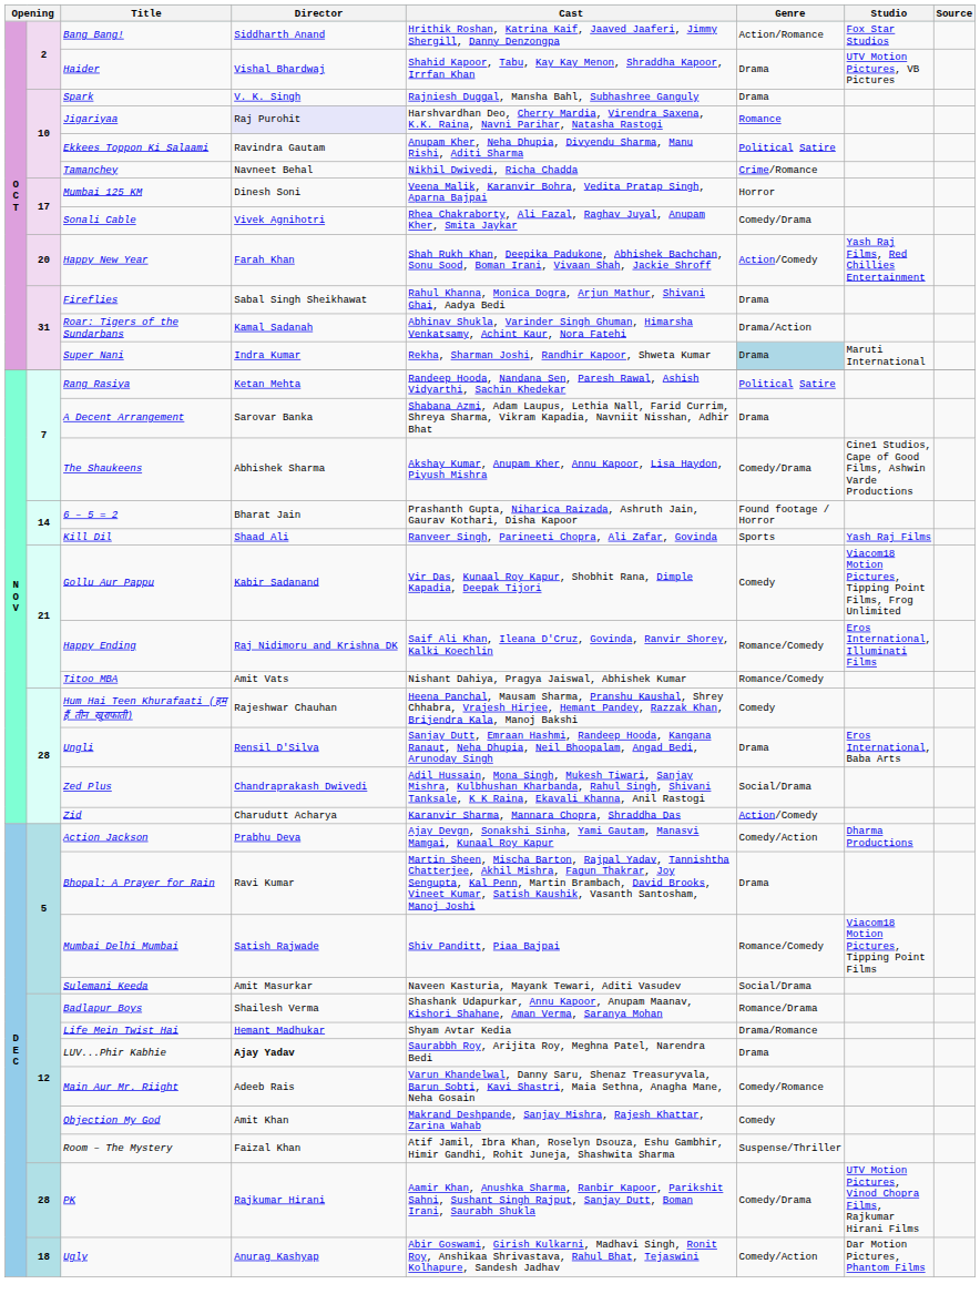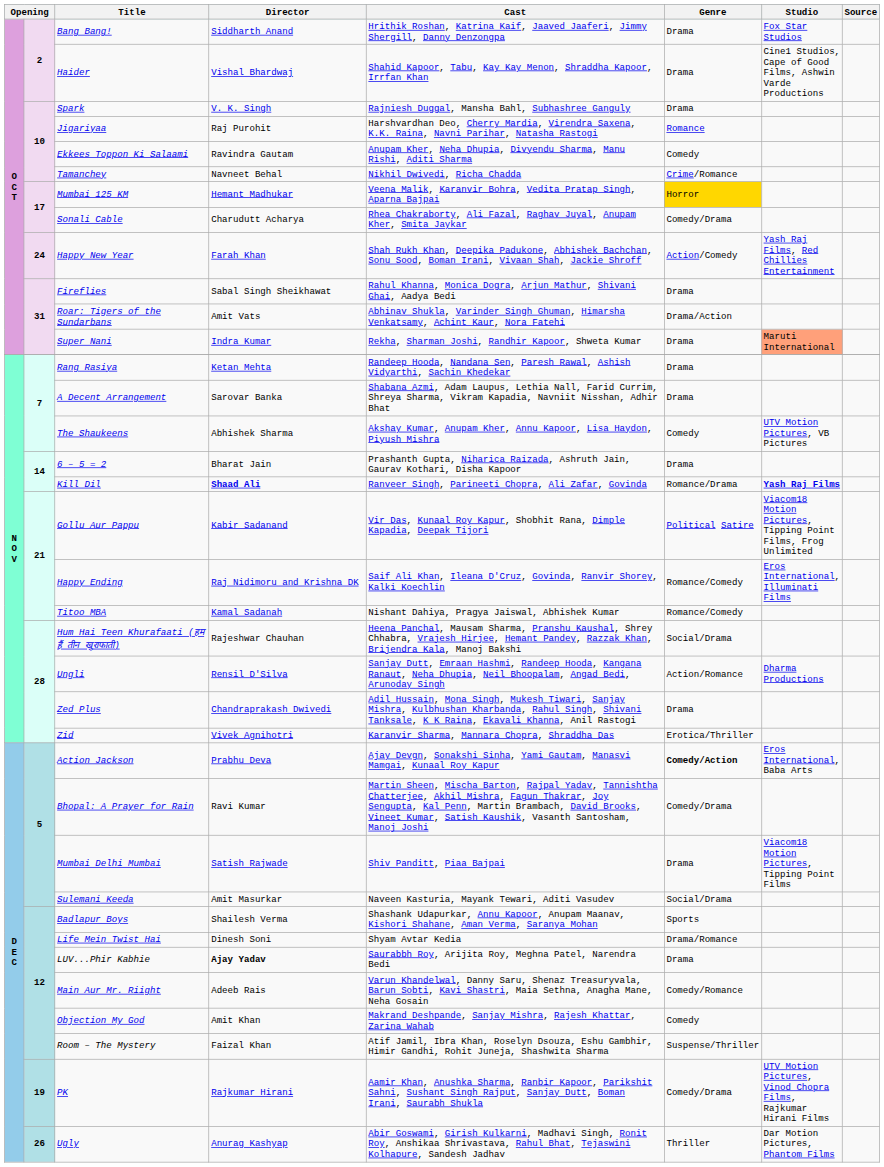 <table class="wikitable">
 <tr style="background:#b0e0e6; text-align:center;">
 <th colspan="2" style="width:6%;"><strong>Opening</strong></th>
 <th style="width:20%;"><strong>Title</strong></th>
 <th style="width:20%;"><strong>Director</strong></th>
 <th style="width:40%;"><strong>Cast</strong></th>
 <th style="width:10.5%;"><strong>Genre</strong></th>
 <th>Studio</th>
 <th>Source</th>
 </tr>
 <tr October>
 <td rowspan="12" style="text-align:center; background:plum; textcolor:#000;"><strong>O<br>C<br>T</strong></td>
 <td rowspan="2" style="text-align:center;background:#f1daf1;"><strong>2</strong></td>
 <td><em><a href='#'>Bang Bang!</a></em></td>
 <td><a href='#'>Siddharth Anand</a></td>
 <td><a href='#'>Hrithik Roshan</a>, <a href='#'>Katrina Kaif</a>, <a href='#'>Jaaved Jaaferi</a>, <a href='#'>Jimmy Shergill</a>, <a href='#'>Danny Denzongpa</a></td>
-<td>Action/Romance</td>
+<td>Drama</td>
 <td><a href='#'>Fox Star Studios</a></td>
 <td></td>
 </tr>
 <tr>
 <td><em><a href='#'>Haider</a></em></td>
 <td><a href='#'>Vishal Bhardwaj</a></td>
 <td><a href='#'>Shahid Kapoor</a>, <a href='#'>Tabu</a>, <a href='#'>Kay Kay Menon</a>, <a href='#'>Shraddha Kapoor</a>, <a href='#'>Irrfan Khan</a></td>
 <td>Drama</td>
-<td><a href='#'>UTV Motion Pictures</a>, VB Pictures</td>
+<td>Cine1 Studios, Cape of Good Films, Ashwin Varde Productions</td>
 <td></td>
 </tr>
 <tr>
 <td rowspan="4" style="text-align:center;background:#f1daf1;"><strong>10</strong></td>
 <td><em><a href='#'>Spark</a></em></td>
 <td><a href='#'>V. K. Singh</a></td>
 <td><a href='#'>Rajniesh Duggal</a>, Mansha Bahl, <a href='#'>Subhashree Ganguly</a></td>
 <td>Drama</td>
 <td></td>
 <td></td>
 </tr>
 <tr>
 <td><em><a href='#'>Jigariyaa</a></em></td>
-<td style="background: lavender;">Raj Purohit</td>
+<td>Raj Purohit</td>
 <td>Harshvardhan Deo, <a href='#'>Cherry Mardia</a>, <a href='#'>Virendra Saxena</a>, <a href='#'>K.K. Raina</a>, <a href='#'>Navni Parihar</a>, <a href='#'>Natasha Rastogi</a></td>
 <td><a href='#'>Romance</a></td>
 <td></td>
 <td></td>
 </tr>
 <tr>
 <td><em><a href='#'>Ekkees Toppon Ki Salaami</a></em></td>
 <td>Ravindra Gautam</td>
 <td><a href='#'>Anupam Kher</a>, <a href='#'>Neha Dhupia</a>, <a href='#'>Divyendu Sharma</a>, <a href='#'>Manu Rishi</a>, <a href='#'>Aditi Sharma</a></td>
-<td><a href='#'>Political</a> <a href='#'>Satire</a></td>
+<td>Comedy</td>
 <td></td>
 <td></td>
 </tr>
 <tr>
 <td><em><a href='#'>Tamanchey</a></em></td>
 <td>Navneet Behal</td>
 <td><a href='#'>Nikhil Dwivedi</a>, <a href='#'>Richa Chadda</a></td>
 <td><a href='#'>Crime</a>/Romance</td>
 <td></td>
 <td></td>
 </tr>
 <tr>
 <td rowspan="2" style="text-align:center;background:#f1daf1;"><strong>17</strong></td>
 <td><em><a href='#'>Mumbai 125 KM</a></em></td>
-<td>Dinesh Soni</td>
+<td><a href='#'>Hemant Madhukar</a></td>
 <td><a href='#'>Veena Malik</a>, <a href='#'>Karanvir Bohra</a>, <a href='#'>Vedita Pratap Singh</a>, <a href='#'>Aparna Bajpai</a></td>
-<td>Horror</td>
+<td style="background: gold;">Horror</td>
 <td></td>
 <td></td>
 </tr>
 <tr>
 <td><em><a href='#'>Sonali Cable</a></em></td>
-<td><a href='#'>Vivek Agnihotri</a></td>
+<td>Charudutt Acharya</td>
 <td><a href='#'>Rhea Chakraborty</a>, <a href='#'>Ali Fazal</a>, <a href='#'>Raghav Juyal</a>, <a href='#'>Anupam Kher</a>, <a href='#'>Smita Jaykar</a></td>
 <td>Comedy/Drama</td>
 <td></td>
 <td></td>
 </tr>
 <tr>
-<td rowspan="1" style="text-align:center;background:#f1daf1;"><strong>20</strong></td>
+<td rowspan="1" style="text-align:center;background:#f1daf1;"><strong>24</strong></td>
 <td><em><a href='#'>Happy New Year</a></em></td>
 <td><a href='#'>Farah Khan</a></td>
 <td><a href='#'>Shah Rukh Khan</a>, <a href='#'>Deepika Padukone</a>, <a href='#'>Abhishek Bachchan</a>, <a href='#'>Sonu Sood</a>, <a href='#'>Boman Irani</a>, <a href='#'>Vivaan Shah</a>, <a href='#'>Jackie Shroff</a></td>
 <td><a href='#'>Action</a>/Comedy</td>
 <td><a href='#'>Yash Raj Films</a>, <a href='#'>Red Chillies Entertainment</a></td>
 <td></td>
 </tr>
 <tr>
 <td rowspan="3" style="text-align:center;background:#f1daf1;"><strong>31</strong></td>
 <td><em><a href='#'>Fireflies</a></em></td>
 <td>Sabal Singh Sheikhawat</td>
 <td><a href='#'>Rahul Khanna</a>, <a href='#'>Monica Dogra</a>, <a href='#'>Arjun Mathur</a>, <a href='#'>Shivani Ghai</a>, Aadya Bedi</td>
 <td>Drama</td>
 <td></td>
 <td></td>
 </tr>
 <tr>
 <td><em><a href='#'>Roar: Tigers of the Sundarbans</a></em></td>
-<td><a href='#'>Kamal Sadanah</a></td>
+<td>Amit Vats</td>
 <td><a href='#'>Abhinav Shukla</a>, <a href='#'>Varinder Singh Ghuman</a>, <a href='#'>Himarsha Venkatsamy</a>, <a href='#'>Achint Kaur</a>, <a href='#'>Nora Fatehi</a></td>
 <td>Drama/Action</td>
 <td></td>
 <td></td>
 </tr>
 <tr>
 <td><em><a href='#'>Super Nani</a></em></td>
 <td><a href='#'>Indra Kumar</a></td>
 <td><a href='#'>Rekha</a>, <a href='#'>Sharman Joshi</a>, <a href='#'>Randhir Kapoor</a>, Shweta Kumar</td>
-<td style="background: lightblue;">Drama</td>
-<td>Maruti International</td>
+<td>Drama</td>
+<td style="background: lightsalmon;">Maruti International</td>
 <td></td>
 </tr>
 <tr>
 </tr>
 <tr November>
 <td rowspan="12" style="text-align:center; background:#7FFFD4; textcolor:#000;"><strong>N<br>O<br>V</strong></td>
 <td rowspan="3" style="text-align:center;background:#DBFFF8;"><strong>7</strong></td>
 <td><em><a href='#'>Rang Rasiya</a></em></td>
 <td><a href='#'>Ketan Mehta</a></td>
 <td><a href='#'>Randeep Hooda</a>, <a href='#'>Nandana Sen</a>, <a href='#'>Paresh Rawal</a>, <a href='#'>Ashish Vidyarthi</a>, <a href='#'>Sachin Khedekar</a></td>
-<td><a href='#'>Political</a> <a href='#'>Satire</a></td>
+<td>Drama</td>
 <td></td>
 <td></td>
 </tr>
 <tr>
 <td><em><a href='#'>A Decent Arrangement</a></em></td>
 <td>Sarovar Banka</td>
 <td><a href='#'>Shabana Azmi</a>, Adam Laupus, Lethia Nall, Farid Currim, Shreya Sharma, Vikram Kapadia, Navniit Nisshan, Adhir Bhat</td>
 <td>Drama</td>
 <td></td>
 <td></td>
 </tr>
 <tr>
 <td><em><a href='#'>The Shaukeens</a></em></td>
 <td>Abhishek Sharma</td>
 <td><a href='#'>Akshay Kumar</a>, <a href='#'>Anupam Kher</a>, <a href='#'>Annu Kapoor</a>, <a href='#'>Lisa Haydon</a>, <a href='#'>Piyush Mishra</a></td>
-<td>Comedy/Drama</td>
-<td>Cine1 Studios, Cape of Good Films, Ashwin Varde Productions</td>
+<td>Comedy</td>
+<td><a href='#'>UTV Motion Pictures</a>, VB Pictures</td>
 <td></td>
 </tr>
 <tr>
 <td rowspan="2" style="text-align:center;background:#DBFFF8;"><strong>14</strong></td>
 <td><em><a href='#'>6 – 5 = 2</a></em></td>
 <td>Bharat Jain</td>
 <td>Prashanth Gupta, <a href='#'>Niharica Raizada</a>, Ashruth Jain, Gaurav Kothari, Disha Kapoor</td>
-<td>Found footage / Horror</td>
+<td>Drama</td>
 <td></td>
 <td></td>
 </tr>
 <tr>
 <td><em><a href='#'>Kill Dil</a></em></td>
-<td><a href='#'>Shaad Ali</a></td>
+<td><strong><a href='#'>Shaad Ali</a></strong></td>
 <td><a href='#'>Ranveer Singh</a>, <a href='#'>Parineeti Chopra</a>, <a href='#'>Ali Zafar</a>, <a href='#'>Govinda</a></td>
-<td>Sports</td>
-<td><a href='#'>Yash Raj Films</a></td>
+<td>Romance/Drama</td>
+<td><strong><a href='#'>Yash Raj Films</a></strong></td>
 <td></td>
 </tr>
 <tr>
 <td rowspan="3" style="text-align:center;background:#DBFFF8;"><strong>21</strong></td>
 <td><em><a href='#'>Gollu Aur Pappu</a></em></td>
 <td><a href='#'>Kabir Sadanand</a></td>
 <td><a href='#'>Vir Das</a>, <a href='#'>Kunaal Roy Kapur</a>, Shobhit Rana, <a href='#'>Dimple Kapadia</a>, <a href='#'>Deepak Tijori</a></td>
-<td>Comedy</td>
+<td><a href='#'>Political</a> <a href='#'>Satire</a></td>
 <td><a href='#'>Viacom18 Motion Pictures</a>, Tipping Point Films, Frog Unlimited</td>
 <td></td>
 </tr>
 <tr>
 <td><em><a href='#'>Happy Ending</a></em></td>
 <td><a href='#'>Raj Nidimoru and Krishna DK</a></td>
 <td><a href='#'>Saif Ali Khan</a>, <a href='#'>Ileana D'Cruz</a>, <a href='#'>Govinda</a>, <a href='#'>Ranvir Shorey</a>, <a href='#'>Kalki Koechlin</a></td>
 <td>Romance/Comedy</td>
 <td><a href='#'>Eros International</a>, <a href='#'>Illuminati Films</a></td>
 <td></td>
 </tr>
 <tr>
 <td><em><a href='#'>Titoo MBA</a></em></td>
-<td>Amit Vats</td>
+<td><a href='#'>Kamal Sadanah</a></td>
 <td>Nishant Dahiya, Pragya Jaiswal, Abhishek Kumar</td>
 <td>Romance/Comedy</td>
 <td></td>
 <td></td>
 </tr>
 <tr>
 <td rowspan="4" style="text-align:center;background:#DBFFF8;"><strong>28</strong></td>
 <td><em><a href='#'>Hum Hai Teen Khurafaati (हम हैं तीन खुराफाती)</a></em></td>
 <td>Rajeshwar Chauhan</td>
 <td><a href='#'>Heena Panchal</a>, Mausam Sharma, <a href='#'>Pranshu Kaushal</a>,  Shrey Chhabra, <a href='#'>Vrajesh Hirjee</a>, <a href='#'>Hemant Pandey</a>, <a href='#'>Razzak Khan</a>, <a href='#'>Brijendra Kala</a>, Manoj Bakshi</td>
-<td>Comedy</td>
+<td>Social/Drama</td>
 <td></td>
 <td></td>
 </tr>
 <tr>
 <td><em><a href='#'>Ungli</a></em></td>
 <td><a href='#'>Rensil D'Silva</a></td>
 <td><a href='#'>Sanjay Dutt</a>, <a href='#'>Emraan Hashmi</a>, <a href='#'>Randeep Hooda</a>, <a href='#'>Kangana Ranaut</a>, <a href='#'>Neha Dhupia</a>, <a href='#'>Neil Bhoopalam</a>, <a href='#'>Angad Bedi</a>, <a href='#'>Arunoday Singh</a></td>
-<td>Drama</td>
-<td><a href='#'>Eros International</a>, Baba Arts</td>
+<td>Action/Romance</td>
+<td><a href='#'>Dharma Productions</a></td>
 <td></td>
 </tr>
 <tr>
 <td><em><a href='#'>Zed Plus</a></em></td>
 <td><a href='#'>Chandraprakash Dwivedi</a></td>
 <td><a href='#'>Adil Hussain</a>, <a href='#'>Mona Singh</a>, <a href='#'>Mukesh Tiwari</a>, <a href='#'>Sanjay Mishra</a>, <a href='#'>Kulbhushan Kharbanda</a>, <a href='#'>Rahul Singh</a>, <a href='#'>Shivani Tanksale</a>, <a href='#'>K K Raina</a>, <a href='#'>Ekavali Khanna</a>, Anil Rastogi</td>
-<td>Social/Drama</td>
+<td>Drama</td>
 <td></td>
 <td></td>
 </tr>
 <tr>
 <td><em><a href='#'>Zid</a></em></td>
-<td>Charudutt Acharya</td>
+<td><a href='#'>Vivek Agnihotri</a></td>
 <td><a href='#'>Karanvir Sharma</a>, <a href='#'>Mannara Chopra</a>, <a href='#'>Shraddha Das</a></td>
-<td><a href='#'>Action</a>/Comedy</td>
+<td>Erotica/Thriller</td>
 <td></td>
 <td></td>
 </tr>
 <tr December>
 <td rowspan="12" style="text-align:center; background:#93CCEA; textcolor:#000;"><strong>D<br>E<br>C</strong></td>
 <td rowspan="4" style="text-align:center;background:#B0E0E6;"><strong>5</strong></td>
 <td><em><a href='#'>Action Jackson</a></em></td>
 <td><a href='#'>Prabhu Deva</a></td>
 <td><a href='#'>Ajay Devgn</a>, <a href='#'>Sonakshi Sinha</a>, <a href='#'>Yami Gautam</a>, <a href='#'>Manasvi Mamgai</a>, <a href='#'>Kunaal Roy Kapur</a></td>
-<td>Comedy/Action</td>
-<td><a href='#'>Dharma Productions</a></td>
+<td><strong>Comedy/Action</strong></td>
+<td><a href='#'>Eros International</a>, Baba Arts</td>
 <td></td>
 </tr>
 <tr>
 <td><em><a href='#'>Bhopal: A Prayer for Rain</a></em></td>
 <td>Ravi Kumar</td>
 <td><a href='#'>Martin Sheen</a>, <a href='#'>Mischa Barton</a>, <a href='#'>Rajpal Yadav</a>, <a href='#'>Tannishtha Chatterjee</a>, <a href='#'>Akhil Mishra</a>, <a href='#'>Fagun Thakrar</a>, <a href='#'>Joy Sengupta</a>, <a href='#'>Kal Penn</a>, Martin Brambach, <a href='#'>David Brooks</a>, <a href='#'>Vineet Kumar</a>, <a href='#'>Satish Kaushik</a>, Vasanth Santosham, <a href='#'>Manoj Joshi</a></td>
-<td>Drama</td>
+<td>Comedy/Drama</td>
 <td></td>
 <td></td>
 </tr>
 <tr>
 <td><em><a href='#'>Mumbai Delhi Mumbai</a></em></td>
 <td><a href='#'>Satish Rajwade</a></td>
 <td><a href='#'>Shiv Panditt</a>, <a href='#'>Piaa Bajpai</a></td>
-<td>Romance/Comedy</td>
+<td>Drama</td>
 <td><a href='#'>Viacom18 Motion Pictures</a>, Tipping Point Films</td>
 <td></td>
 </tr>
 <tr>
 <td><em><a href='#'>Sulemani Keeda</a></em></td>
 <td>Amit Masurkar</td>
 <td>Naveen Kasturia, Mayank Tewari, Aditi Vasudev</td>
 <td>Social/Drama</td>
 <td></td>
 <td></td>
 </tr>
 <tr>
 <td rowspan="6" style="text-align:center;background:#B0E0E6;"><strong>12</strong></td>
 <td><em><a href='#'>Badlapur Boys</a></em></td>
 <td>Shailesh Verma</td>
 <td>Shashank Udapurkar, <a href='#'>Annu Kapoor</a>, Anupam Maanav, <a href='#'>Kishori Shahane</a>, <a href='#'>Aman Verma</a>, <a href='#'>Saranya Mohan</a></td>
-<td>Romance/Drama</td>
+<td>Sports</td>
 <td></td>
 <td></td>
 </tr>
 <tr>
 <td><em><a href='#'>Life Mein Twist Hai</a></em></td>
-<td><a href='#'>Hemant Madhukar</a></td>
+<td>Dinesh Soni</td>
 <td>Shyam Avtar Kedia</td>
 <td>Drama/Romance</td>
 <td></td>
 <td></td>
 </tr>
 <tr>
 <td><em>LUV...Phir Kabhie</em></td>
 <td><strong>Ajay Yadav</strong></td>
 <td><a href='#'>Saurabbh Roy</a>, Arijita Roy, Meghna Patel, Narendra Bedi</td>
 <td>Drama</td>
 <td></td>
 <td></td>
 </tr>
 <tr>
 <td><em><a href='#'>Main Aur Mr. Riight</a></em></td>
 <td>Adeeb Rais</td>
 <td><a href='#'>Varun Khandelwal</a>, Danny Saru, Shenaz Treasuryvala, <a href='#'>Barun Sobti</a>, <a href='#'>Kavi Shastri</a>, Maia Sethna, Anagha Mane, Neha Gosain</td>
 <td>Comedy/Romance</td>
 <td></td>
 <td></td>
 </tr>
 <tr>
 <td><em><a href='#'>Objection My God</a></em></td>
 <td>Amit Khan</td>
 <td><a href='#'>Makrand Deshpande</a>, <a href='#'>Sanjay Mishra</a>, <a href='#'>Rajesh Khattar</a>, <a href='#'>Zarina Wahab</a></td>
 <td>Comedy</td>
 <td></td>
 <td></td>
 </tr>
 <tr>
 <td><em>Room – The Mystery</em></td>
 <td>Faizal Khan</td>
 <td>Atif Jamil, Ibra Khan, Roselyn Dsouza, Eshu Gambhir, Himir Gandhi, Rohit Juneja, Shashwita Sharma</td>
 <td>Suspense/Thriller</td>
 <td></td>
 <td></td>
 </tr>
 <tr>
-<td rowspan="1" style="text-align:center;background:#B0E0E6;"><strong>28</strong></td>
+<td rowspan="1" style="text-align:center;background:#B0E0E6;"><strong>19</strong></td>
 <td><em><a href='#'>PK</a></em></td>
 <td><a href='#'>Rajkumar Hirani</a></td>
 <td><a href='#'>Aamir Khan</a>, <a href='#'>Anushka Sharma</a>, <a href='#'>Ranbir Kapoor</a>, <a href='#'>Parikshit Sahni</a>, <a href='#'>Sushant Singh Rajput</a>, <a href='#'>Sanjay Dutt</a>, <a href='#'>Boman Irani</a>, <a href='#'>Saurabh Shukla</a></td>
 <td>Comedy/Drama</td>
 <td><a href='#'>UTV Motion Pictures</a>, <a href='#'>Vinod Chopra Films</a>, Rajkumar Hirani Films</td>
 <td></td>
 </tr>
 <tr>
-<td rowspan="1" style="text-align:center;background:#B0E0E6;"><strong>18</strong></td>
+<td rowspan="1" style="text-align:center;background:#B0E0E6;"><strong>26</strong></td>
 <td><em><a href='#'>Ugly</a></em></td>
 <td><a href='#'>Anurag Kashyap</a></td>
 <td><a href='#'>Abir Goswami</a>, <a href='#'>Girish Kulkarni</a>, Madhavi Singh, <a href='#'>Ronit Roy</a>, Anshikaa Shrivastava, <a href='#'>Rahul Bhat</a>, <a href='#'>Tejaswini Kolhapure</a>, Sandesh Jadhav</td>
-<td>Comedy/Action</td>
+<td>Thriller</td>
 <td>Dar Motion Pictures, <a href='#'>Phantom Films</a></td>
 <td></td>
 </tr>
 </table>
